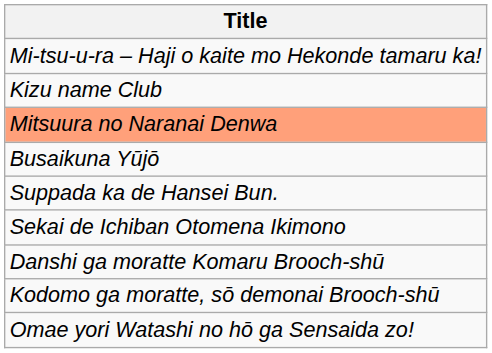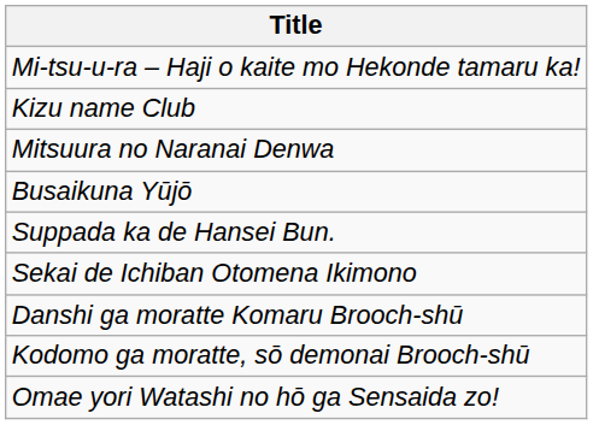 <table class="wikitable">
 <tr>
 <th>Title</th>
 </tr>
 <tr>
 <td><em>Mi-tsu-u-ra – Haji o kaite mo Hekonde tamaru ka!</em></td>
 </tr>
 <tr>
 <td><em>Kizu name Club</em></td>
 </tr>
 <tr>
-<td style="background: lightsalmon;"><em>Mitsuura no Naranai Denwa</em></td>
+<td><em>Mitsuura no Naranai Denwa</em></td>
 </tr>
 <tr>
 <td><em>Busaikuna Yūjō</em></td>
 </tr>
 <tr>
 <td><em>Suppada ka de Hansei Bun.</em></td>
 </tr>
 <tr>
 <td><em>Sekai de Ichiban Otomena Ikimono</em></td>
 </tr>
 <tr>
 <td><em>Danshi ga moratte Komaru Brooch-shū</em></td>
 </tr>
 <tr>
 <td><em>Kodomo ga moratte, sō demonai Brooch-shū</em></td>
 </tr>
 <tr>
 <td><em>Omae yori Watashi no hō ga Sensaida zo!</em></td>
 </tr>
 </table>
